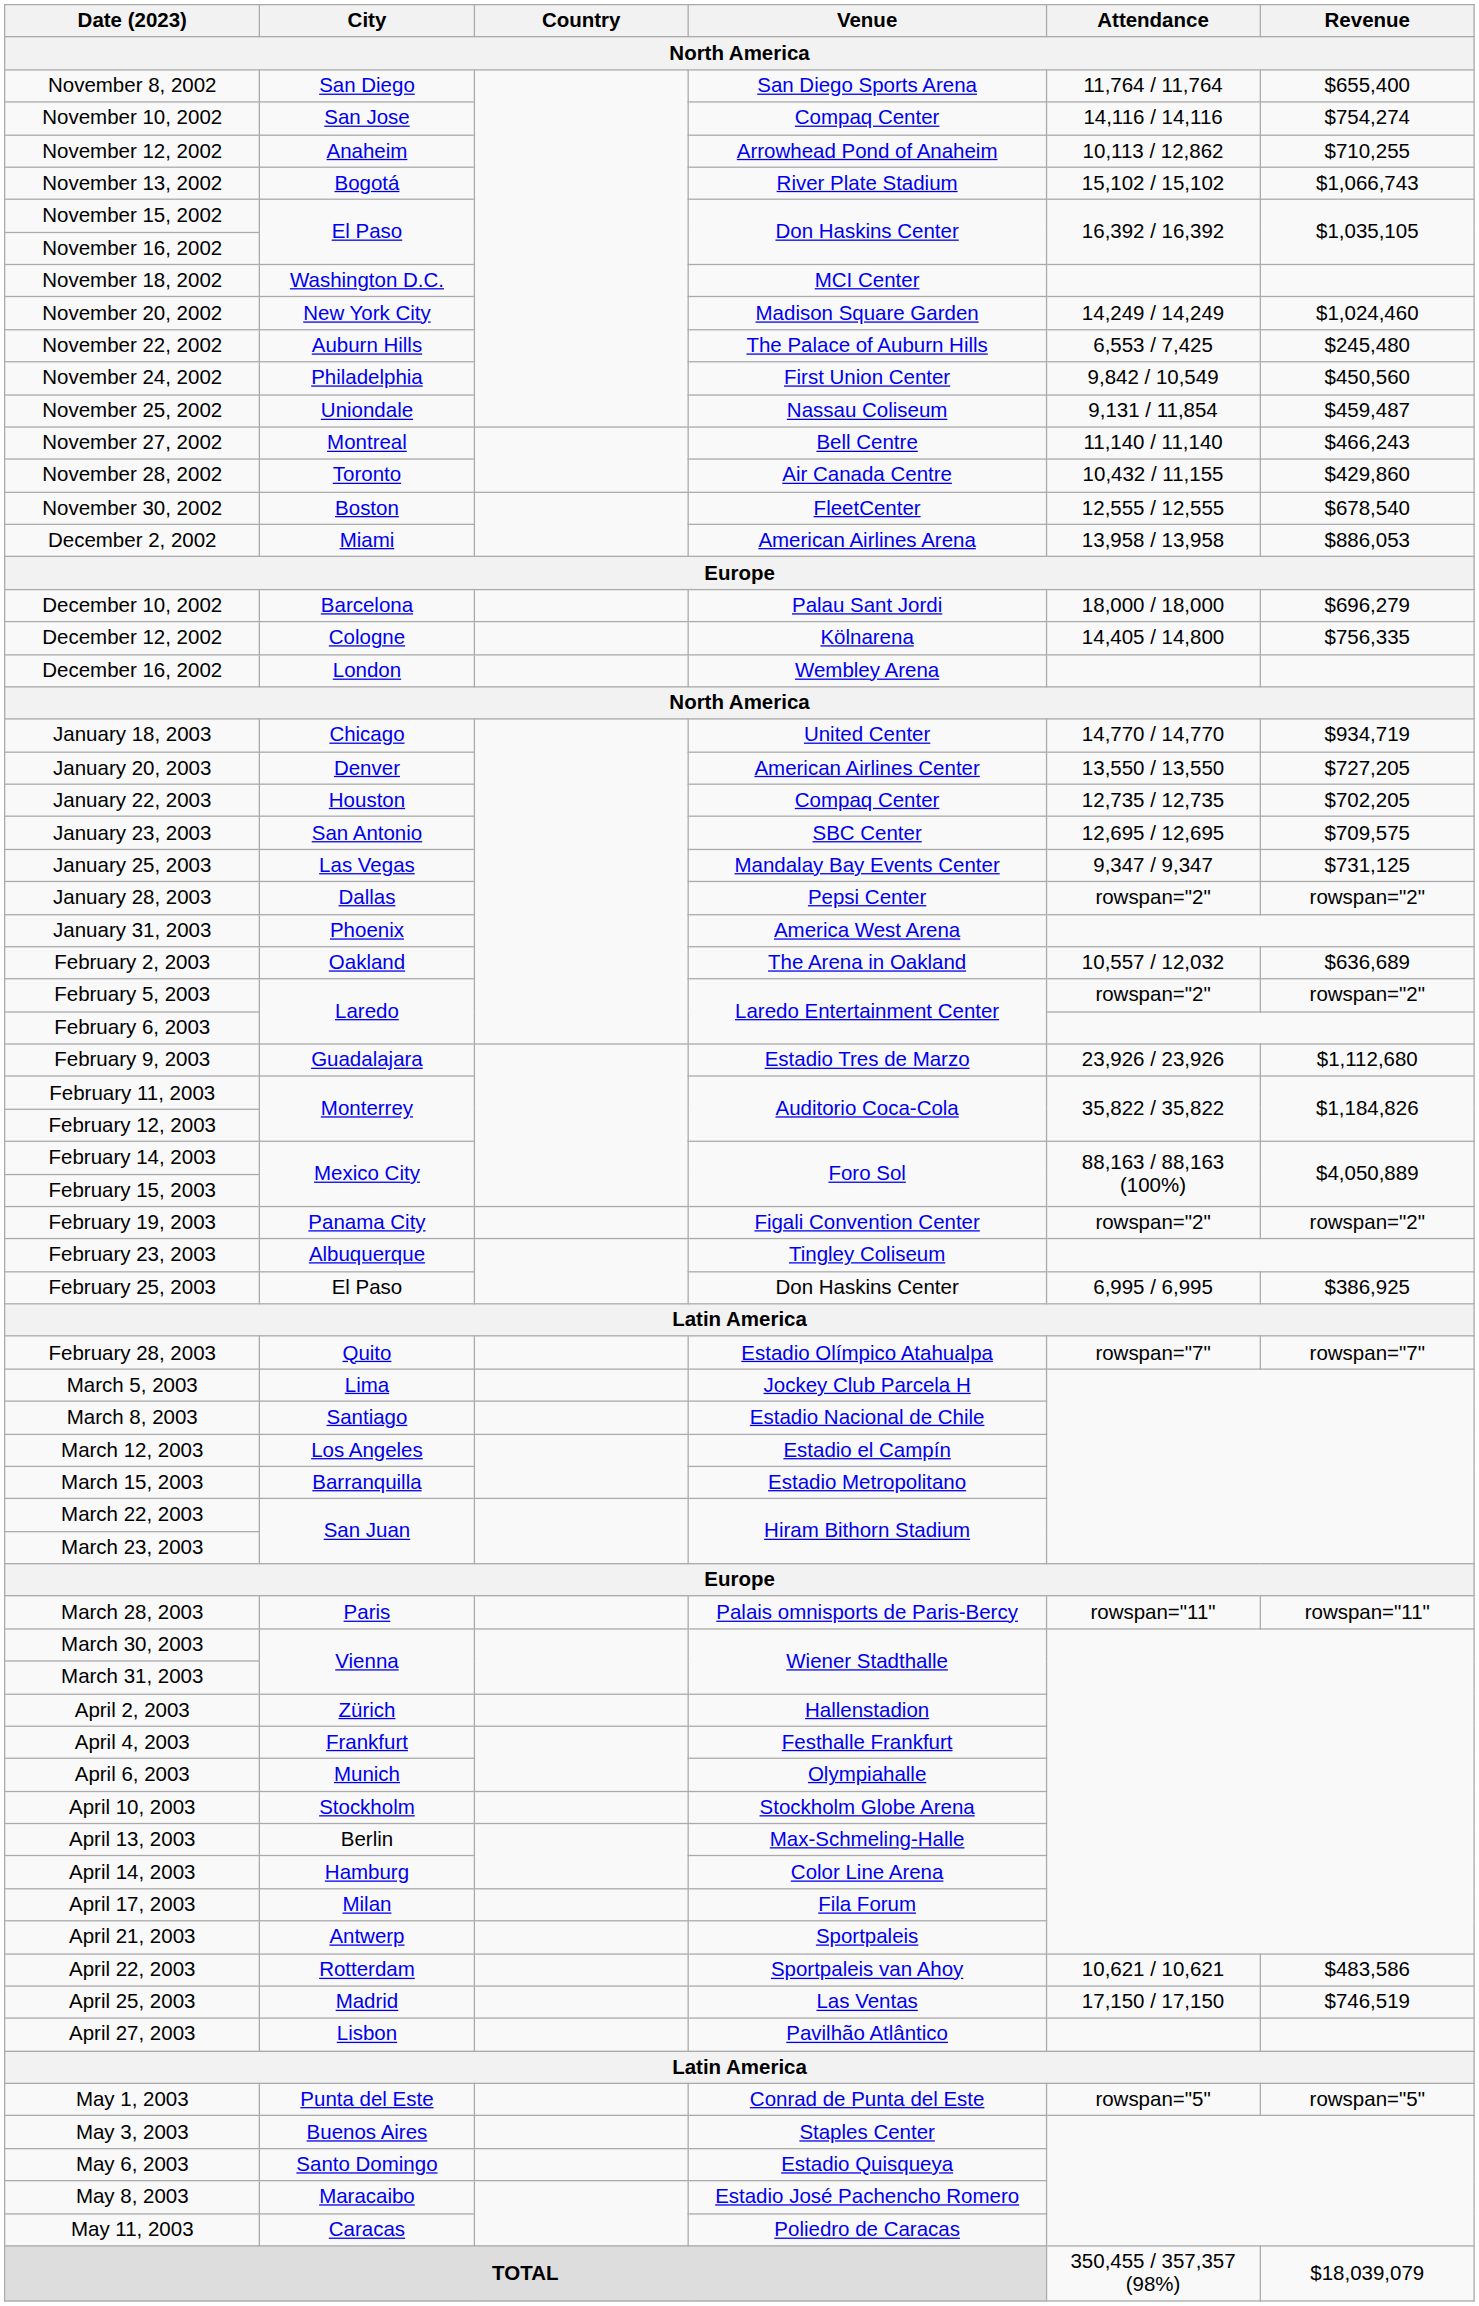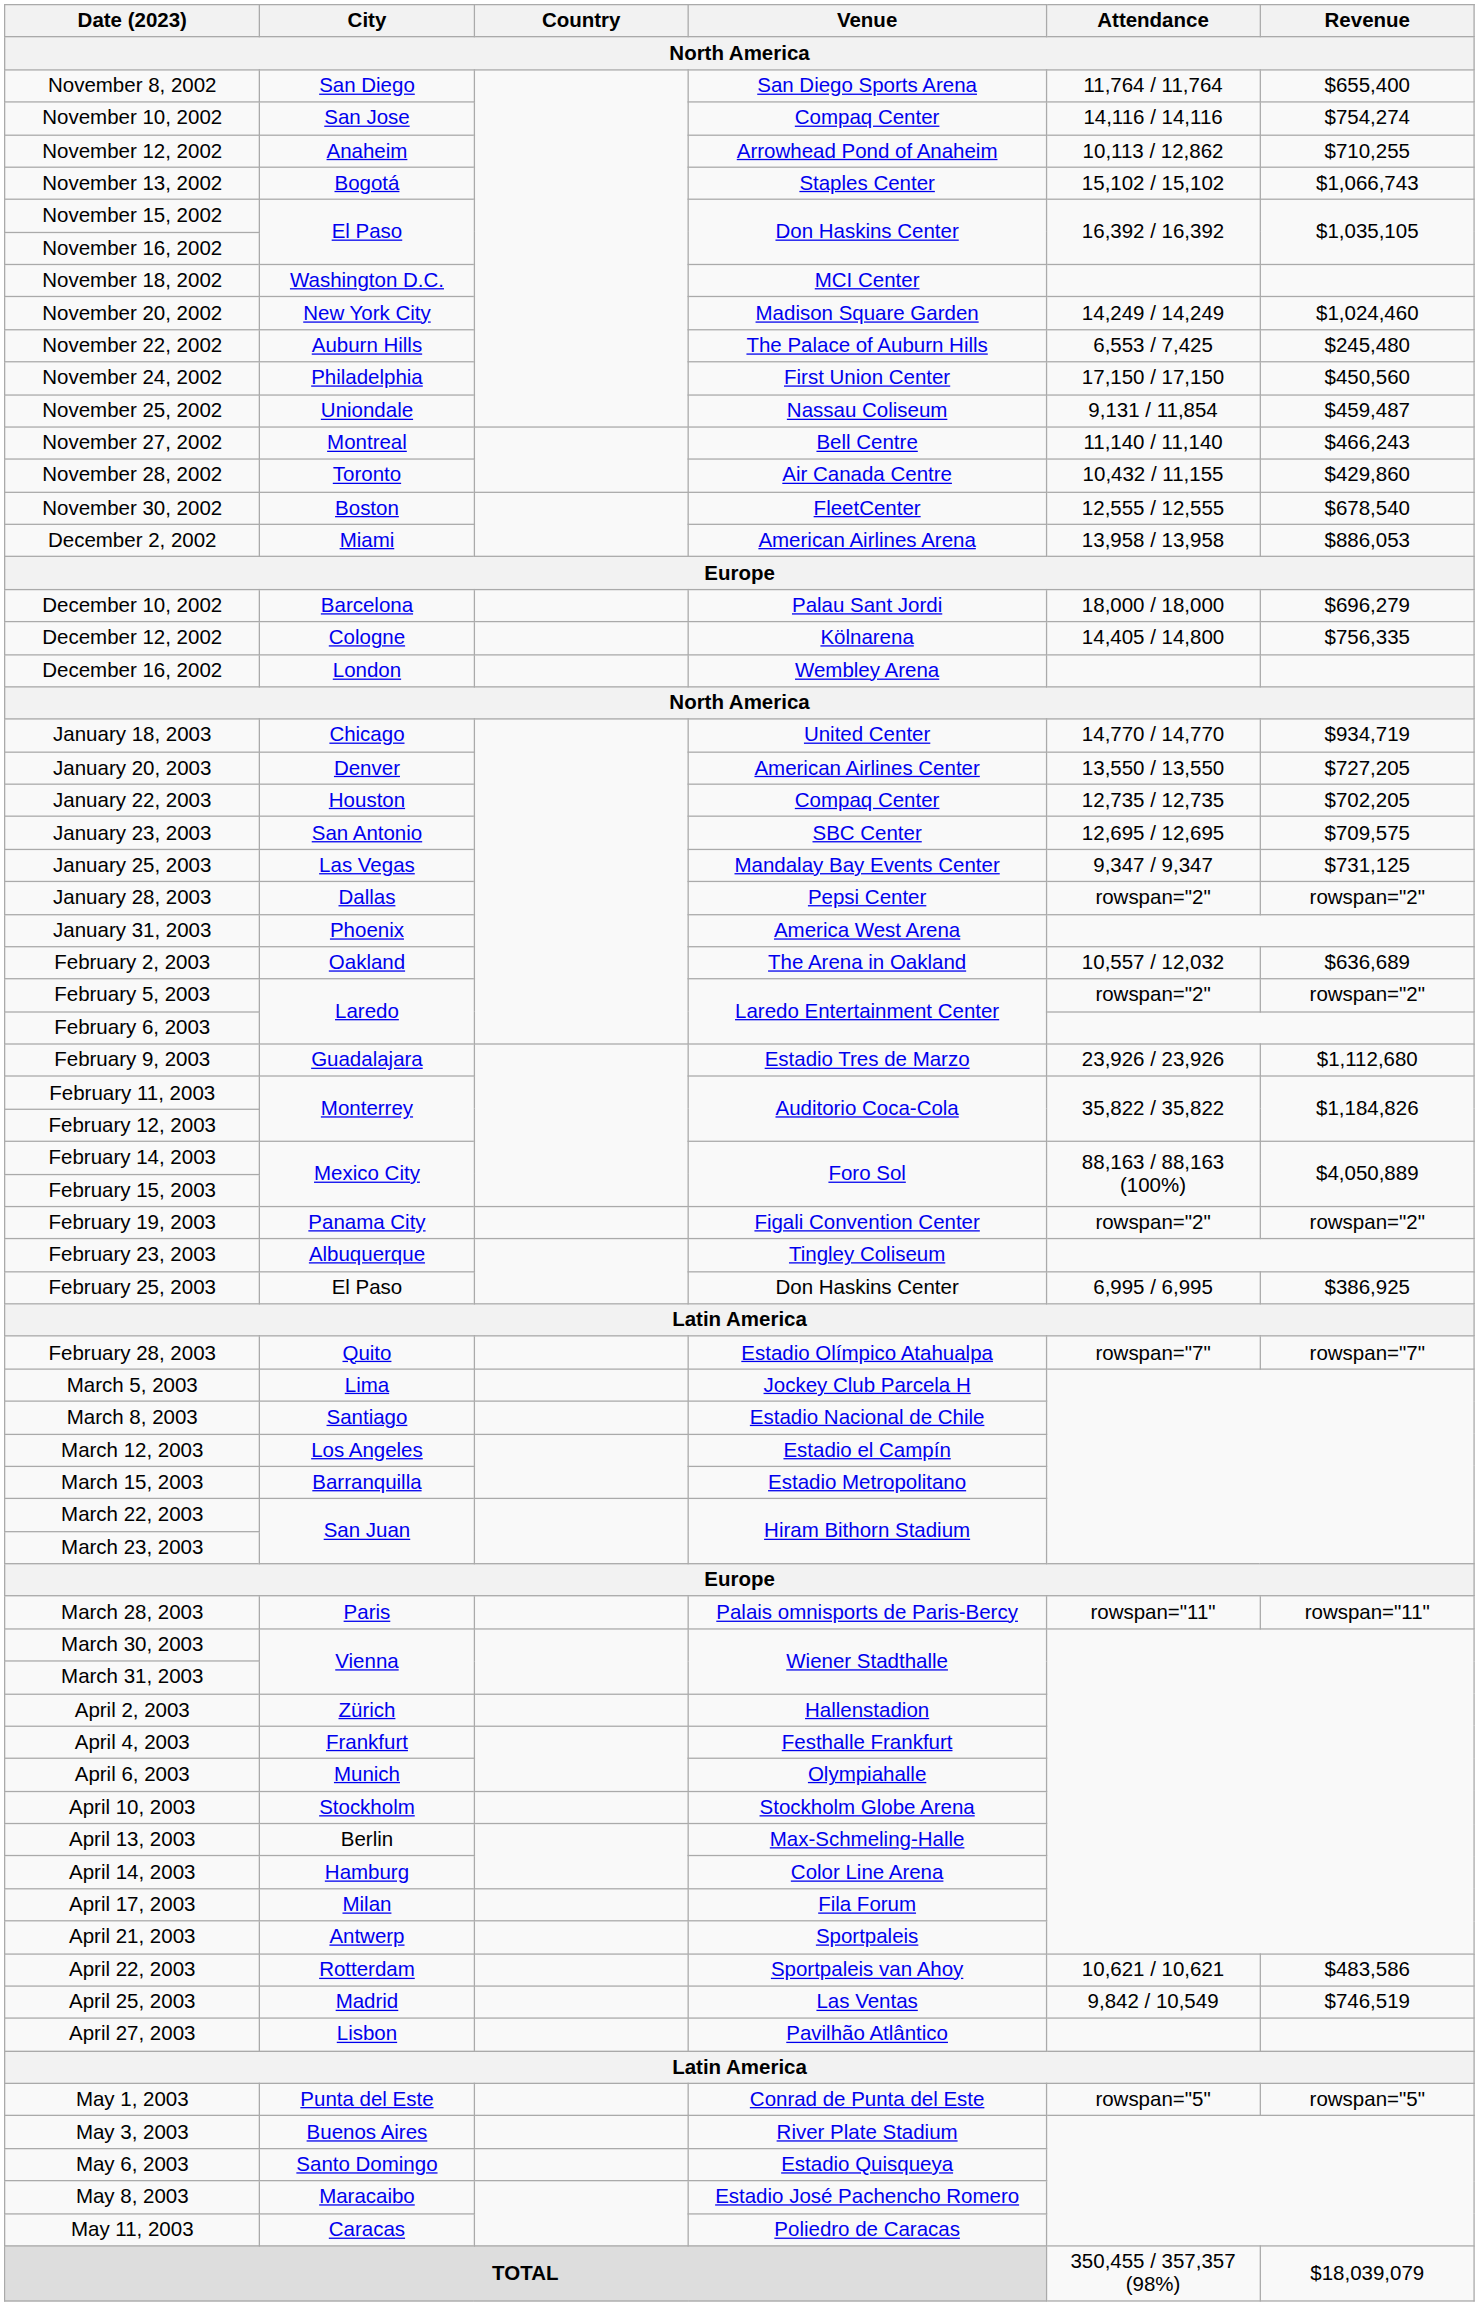 <table class="wikitable" style="text-align:center;">
 <tr>
 <th scope="col" style="width:12em;">Date (2023)</th>
 <th scope="col" style="width:10em;">City</th>
 <th scope="col" style="width:10em;">Country</th>
 <th scope="col" style="width:17em;">Venue</th>
 <th scope="col" style="width:10em;">Attendance</th>
 <th scope="col" style="width:10em;">Revenue</th>
 </tr>
 <tr bgcolor="#DDDDDD">
 <th colspan="6"><strong>North America</strong></th>
 </tr>
 <tr>
 <td>November 8, 2002</td>
 <td><a href='#'>San Diego</a></td>
 <td rowspan="11"></td>
 <td><a href='#'>San Diego Sports Arena</a></td>
 <td>11,764 / 11,764</td>
 <td>$655,400</td>
 </tr>
 <tr>
 <td>November 10, 2002</td>
 <td><a href='#'>San Jose</a></td>
 <td><a href='#'>Compaq Center</a></td>
 <td>14,116 / 14,116</td>
 <td>$754,274</td>
 </tr>
 <tr>
 <td>November 12, 2002</td>
 <td><a href='#'>Anaheim</a></td>
 <td><a href='#'>Arrowhead Pond of Anaheim</a></td>
 <td>10,113 / 12,862</td>
 <td>$710,255</td>
 </tr>
 <tr>
 <td>November 13, 2002</td>
 <td><a href='#'>Bogotá</a></td>
-<td><a href='#'>River Plate Stadium</a></td>
+<td><a href='#'>Staples Center</a></td>
 <td>15,102 / 15,102</td>
 <td>$1,066,743</td>
 </tr>
 <tr>
 <td>November 15, 2002</td>
 <td rowspan="2"><a href='#'>El Paso</a></td>
 <td rowspan="2"><a href='#'>Don Haskins Center</a></td>
 <td rowspan="2">16,392 / 16,392</td>
 <td rowspan="2">$1,035,105</td>
 </tr>
 <tr>
 <td>November 16, 2002</td>
 </tr>
 <tr>
 <td>November 18, 2002</td>
 <td><a href='#'>Washington D.C.</a></td>
 <td><a href='#'>MCI Center</a></td>
 <td></td>
 <td></td>
 </tr>
 <tr>
 <td>November 20, 2002</td>
 <td><a href='#'>New York City</a></td>
 <td><a href='#'>Madison Square Garden</a></td>
 <td>14,249 / 14,249</td>
 <td>$1,024,460</td>
 </tr>
 <tr>
 <td>November 22, 2002</td>
 <td><a href='#'>Auburn Hills</a></td>
 <td><a href='#'>The Palace of Auburn Hills</a></td>
 <td>6,553 / 7,425</td>
 <td>$245,480</td>
 </tr>
 <tr>
 <td>November 24, 2002</td>
 <td><a href='#'>Philadelphia</a></td>
 <td><a href='#'>First Union Center</a></td>
-<td>9,842 / 10,549</td>
+<td>17,150 / 17,150</td>
 <td>$450,560</td>
 </tr>
 <tr>
 <td>November 25, 2002</td>
 <td><a href='#'>Uniondale</a></td>
 <td><a href='#'>Nassau Coliseum</a></td>
 <td>9,131 / 11,854</td>
 <td>$459,487</td>
 </tr>
 <tr>
 <td>November 27, 2002</td>
 <td><a href='#'>Montreal</a></td>
 <td rowspan="2"></td>
 <td><a href='#'>Bell Centre</a></td>
 <td>11,140 / 11,140</td>
 <td>$466,243</td>
 </tr>
 <tr>
 <td>November 28, 2002</td>
 <td><a href='#'>Toronto</a></td>
 <td><a href='#'>Air Canada Centre</a></td>
 <td>10,432 / 11,155</td>
 <td>$429,860</td>
 </tr>
 <tr>
 <td>November 30, 2002</td>
 <td><a href='#'>Boston</a></td>
 <td rowspan="2"></td>
 <td><a href='#'>FleetCenter</a></td>
 <td>12,555 / 12,555</td>
 <td>$678,540</td>
 </tr>
 <tr>
 <td>December 2, 2002</td>
 <td><a href='#'>Miami</a></td>
 <td><a href='#'>American Airlines Arena</a></td>
 <td>13,958 / 13,958</td>
 <td>$886,053</td>
 </tr>
 <tr bgcolor="#DDDDDD">
 <th colspan="6"><strong>Europe</strong></th>
 </tr>
 <tr>
 <td>December 10, 2002</td>
 <td><a href='#'>Barcelona</a></td>
 <td></td>
 <td><a href='#'>Palau Sant Jordi</a></td>
 <td>18,000 / 18,000</td>
 <td>$696,279</td>
 </tr>
 <tr>
 <td>December 12, 2002</td>
 <td><a href='#'>Cologne</a></td>
 <td cellpan="2"></td>
 <td><a href='#'>Kölnarena</a></td>
 <td>14,405 / 14,800</td>
 <td>$756,335</td>
 </tr>
 <tr>
 <td>December 16, 2002</td>
 <td><a href='#'>London</a></td>
 <td></td>
 <td><a href='#'>Wembley Arena</a></td>
 <td></td>
 <td></td>
 </tr>
 <tr bgcolor="#DDDDDD">
 <th colspan="6"><strong>North America</strong></th>
 </tr>
 <tr>
 <td>January 18, 2003</td>
 <td><a href='#'>Chicago</a></td>
 <td rowspan="10"></td>
 <td><a href='#'>United Center</a></td>
 <td>14,770 / 14,770</td>
 <td>$934,719</td>
 </tr>
 <tr>
 <td>January 20, 2003</td>
 <td><a href='#'>Denver</a></td>
 <td><a href='#'>American Airlines Center</a></td>
 <td>13,550 / 13,550</td>
 <td>$727,205</td>
 </tr>
 <tr>
 <td>January 22, 2003</td>
 <td><a href='#'>Houston</a></td>
 <td><a href='#'>Compaq Center</a></td>
 <td>12,735 / 12,735</td>
 <td>$702,205</td>
 </tr>
 <tr>
 <td>January 23, 2003</td>
 <td><a href='#'>San Antonio</a></td>
 <td><a href='#'>SBC Center</a></td>
 <td>12,695 / 12,695</td>
 <td>$709,575</td>
 </tr>
 <tr>
 <td>January 25, 2003</td>
 <td><a href='#'>Las Vegas</a></td>
 <td><a href='#'>Mandalay Bay Events Center</a></td>
 <td>9,347 / 9,347</td>
 <td>$731,125</td>
 </tr>
 <tr>
 <td>January 28, 2003</td>
 <td><a href='#'>Dallas</a></td>
 <td><a href='#'>Pepsi Center</a></td>
 <td>rowspan="2" </td>
 <td>rowspan="2" </td>
 </tr>
 <tr>
 <td>January 31, 2003</td>
 <td><a href='#'>Phoenix</a></td>
 <td><a href='#'>America West Arena</a></td>
 </tr>
 <tr>
 <td>February 2, 2003</td>
 <td><a href='#'>Oakland</a></td>
 <td><a href='#'>The Arena in Oakland</a></td>
 <td>10,557 / 12,032</td>
 <td>$636,689</td>
 </tr>
 <tr>
 <td>February 5, 2003</td>
 <td rowspan="2"><a href='#'>Laredo</a></td>
 <td rowspan="2"><a href='#'>Laredo Entertainment Center</a></td>
 <td>rowspan="2" </td>
 <td>rowspan="2" </td>
 </tr>
 <tr>
 <td>February 6, 2003</td>
 </tr>
 <tr>
 <td>February 9, 2003</td>
 <td><a href='#'>Guadalajara</a></td>
 <td rowspan="5"></td>
 <td><a href='#'>Estadio Tres de Marzo</a></td>
 <td>23,926 / 23,926</td>
 <td>$1,112,680</td>
 </tr>
 <tr>
 <td>February 11, 2003</td>
 <td rowspan="2"><a href='#'>Monterrey</a></td>
 <td rowspan="2"><a href='#'>Auditorio Coca-Cola</a></td>
 <td rowspan="2">35,822 / 35,822</td>
 <td rowspan="2">$1,184,826</td>
 </tr>
 <tr>
 <td>February 12, 2003</td>
 </tr>
 <tr>
 <td>February 14, 2003</td>
 <td rowspan="2"><a href='#'>Mexico City</a></td>
 <td rowspan="2"><a href='#'>Foro Sol</a></td>
 <td rowspan="2">88,163 / 88,163 (100%)</td>
 <td rowspan="2">$4,050,889</td>
 </tr>
 <tr>
 <td>February 15, 2003</td>
 </tr>
 <tr>
 <td>February 19, 2003</td>
 <td><a href='#'>Panama City</a></td>
 <td></td>
 <td><a href='#'>Figali Convention Center</a></td>
 <td>rowspan="2" </td>
 <td>rowspan="2" </td>
 </tr>
 <tr>
 <td>February 23, 2003</td>
 <td><a href='#'>Albuquerque</a></td>
 <td rowspan="2"></td>
 <td><a href='#'>Tingley Coliseum</a></td>
 </tr>
 <tr>
 <td>February 25, 2003</td>
 <td>El Paso</td>
 <td>Don Haskins Center</td>
 <td>6,995 / 6,995</td>
 <td>$386,925</td>
 </tr>
 <tr>
 <th colspan="6">Latin America</th>
 </tr>
 <tr>
 <td>February 28, 2003</td>
 <td><a href='#'>Quito</a></td>
 <td></td>
 <td><a href='#'>Estadio Olímpico Atahualpa</a></td>
 <td>rowspan="7" </td>
 <td>rowspan="7" </td>
 </tr>
 <tr>
 <td>March 5, 2003</td>
 <td><a href='#'>Lima</a></td>
 <td></td>
 <td><a href='#'>Jockey Club Parcela H</a></td>
 </tr>
 <tr>
 <td>March 8, 2003</td>
 <td><a href='#'>Santiago</a></td>
 <td></td>
 <td><a href='#'>Estadio Nacional de Chile</a></td>
 </tr>
 <tr>
 <td>March 12, 2003</td>
 <td><a href='#'>Los Angeles</a></td>
 <td rowspan="2"></td>
 <td><a href='#'>Estadio el Campín</a></td>
 </tr>
 <tr>
 <td>March 15, 2003</td>
 <td><a href='#'>Barranquilla</a></td>
 <td><a href='#'>Estadio Metropolitano</a></td>
 </tr>
 <tr>
 <td>March 22, 2003</td>
 <td rowspan="2"><a href='#'>San Juan</a></td>
 <td rowspan="2"></td>
 <td rowspan="2"><a href='#'>Hiram Bithorn Stadium</a></td>
 </tr>
 <tr>
 <td>March 23, 2003</td>
 </tr>
 <tr bgcolor="#DDDDDD">
 <th colspan="6">Europe</th>
 </tr>
 <tr>
 <td>March 28, 2003</td>
 <td><a href='#'>Paris</a></td>
 <td></td>
 <td><a href='#'>Palais omnisports de Paris-Bercy</a></td>
 <td>rowspan="11" </td>
 <td>rowspan="11" </td>
 </tr>
 <tr>
 <td>March 30, 2003</td>
 <td rowspan="2"><a href='#'>Vienna</a></td>
 <td rowspan="2"></td>
 <td rowspan="2"><a href='#'>Wiener Stadthalle</a></td>
 </tr>
 <tr>
 <td>March 31, 2003</td>
 </tr>
 <tr>
 <td>April 2, 2003</td>
 <td><a href='#'>Zürich</a></td>
 <td></td>
 <td><a href='#'>Hallenstadion</a></td>
 </tr>
 <tr>
 <td>April 4, 2003</td>
 <td><a href='#'>Frankfurt</a></td>
 <td rowspan="2"></td>
 <td><a href='#'>Festhalle Frankfurt</a></td>
 </tr>
 <tr>
 <td>April 6, 2003</td>
 <td><a href='#'>Munich</a></td>
 <td><a href='#'>Olympiahalle</a></td>
 </tr>
 <tr>
 <td>April 10, 2003</td>
 <td><a href='#'>Stockholm</a></td>
 <td></td>
 <td><a href='#'>Stockholm Globe Arena</a></td>
 </tr>
 <tr>
 <td>April 13, 2003</td>
 <td>Berlin</td>
 <td rowspan="2"></td>
 <td><a href='#'>Max-Schmeling-Halle</a></td>
 </tr>
 <tr>
 <td>April 14, 2003</td>
 <td><a href='#'>Hamburg</a></td>
 <td><a href='#'>Color Line Arena</a></td>
 </tr>
 <tr>
 <td>April 17, 2003</td>
 <td><a href='#'>Milan</a></td>
 <td></td>
 <td><a href='#'>Fila Forum</a></td>
 </tr>
 <tr>
 <td>April 21, 2003</td>
 <td><a href='#'>Antwerp</a></td>
 <td></td>
 <td><a href='#'>Sportpaleis</a></td>
 </tr>
 <tr>
 <td>April 22, 2003</td>
 <td><a href='#'>Rotterdam</a></td>
 <td></td>
 <td><a href='#'>Sportpaleis van Ahoy</a></td>
 <td>10,621 / 10,621</td>
 <td>$483,586</td>
 </tr>
 <tr>
 <td>April 25, 2003</td>
 <td><a href='#'>Madrid</a></td>
 <td></td>
 <td><a href='#'>Las Ventas</a></td>
-<td>17,150 / 17,150</td>
+<td>9,842 / 10,549</td>
 <td>$746,519</td>
 </tr>
 <tr>
 <td>April 27, 2003</td>
 <td><a href='#'>Lisbon</a></td>
 <td></td>
 <td><a href='#'>Pavilhão Atlântico</a></td>
 <td></td>
 <td></td>
 </tr>
 <tr bgcolor="#DDDDDD">
 <th colspan="6"><strong>Latin America</strong></th>
 </tr>
 <tr>
 <td>May 1, 2003</td>
 <td><a href='#'>Punta del Este</a></td>
 <td></td>
 <td><a href='#'>Conrad de Punta del Este</a></td>
 <td>rowspan="5" </td>
 <td>rowspan="5" </td>
 </tr>
 <tr>
 <td>May 3, 2003</td>
 <td><a href='#'>Buenos Aires</a></td>
 <td></td>
-<td><a href='#'>Staples Center</a></td>
+<td><a href='#'>River Plate Stadium</a></td>
 </tr>
 <tr>
 <td>May 6, 2003</td>
 <td><a href='#'>Santo Domingo</a></td>
 <td></td>
 <td><a href='#'>Estadio Quisqueya</a></td>
 </tr>
 <tr>
 <td>May 8, 2003</td>
 <td><a href='#'>Maracaibo</a></td>
 <td rowspan="2"></td>
 <td><a href='#'>Estadio José Pachencho Romero</a></td>
 </tr>
 <tr>
 <td>May 11, 2003</td>
 <td><a href='#'>Caracas</a></td>
 <td><a href='#'>Poliedro de Caracas</a></td>
 </tr>
 <tr>
 <td bgcolor="#DDDDDD" colspan="4"><strong>TOTAL</strong></td>
 <td>350,455 / 357,357 (98%)</td>
 <td>$18,039,079</td>
 </tr>
 </table>
